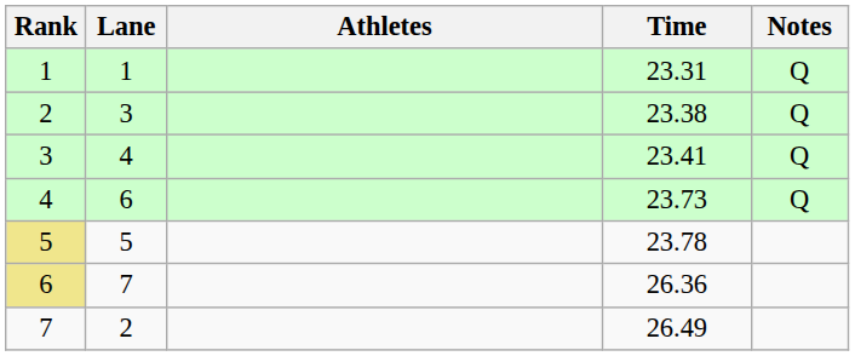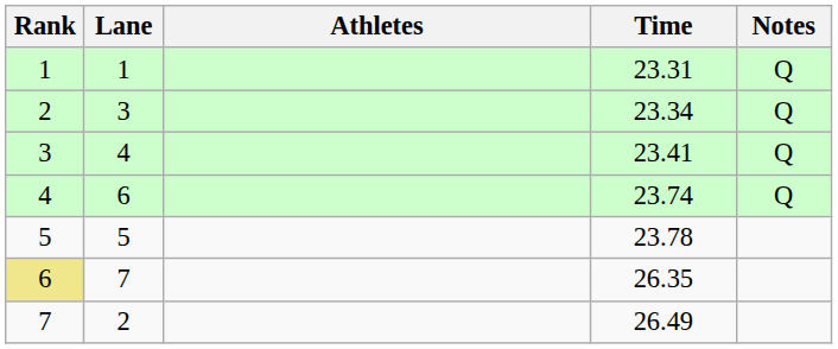 <table class="wikitable sortable" style="text-align:center;">
 <tr>
 <th width=40>Rank</th>
 <th width=40>Lane</th>
 <th width=250>Athletes</th>
 <th width=80>Time</th>
 <th width=50>Notes</th>
 </tr>
 <tr bgcolor=ccffcc>
 <td>1</td>
 <td>1</td>
 <td align=left></td>
 <td>23.31</td>
 <td>Q</td>
 </tr>
 <tr bgcolor=ccffcc>
 <td>2</td>
 <td>3</td>
 <td align=left></td>
-<td>23.38</td>
+<td>23.34</td>
 <td>Q</td>
 </tr>
 <tr bgcolor=ccffcc>
 <td>3</td>
 <td>4</td>
 <td align=left></td>
 <td>23.41</td>
 <td>Q</td>
 </tr>
 <tr bgcolor=ccffcc>
 <td>4</td>
 <td>6</td>
 <td align=left></td>
-<td>23.73</td>
+<td>23.74</td>
 <td>Q</td>
 </tr>
 <tr>
-<td style="background: khaki;">5</td>
+<td>5</td>
 <td>5</td>
 <td align=left></td>
 <td>23.78</td>
 <td></td>
 </tr>
 <tr>
 <td style="background: khaki;">6</td>
 <td>7</td>
 <td align=left></td>
-<td>26.36</td>
+<td>26.35</td>
 <td></td>
 </tr>
 <tr>
 <td>7</td>
 <td>2</td>
 <td align=left></td>
 <td>26.49</td>
 <td></td>
 </tr>
 </table>
